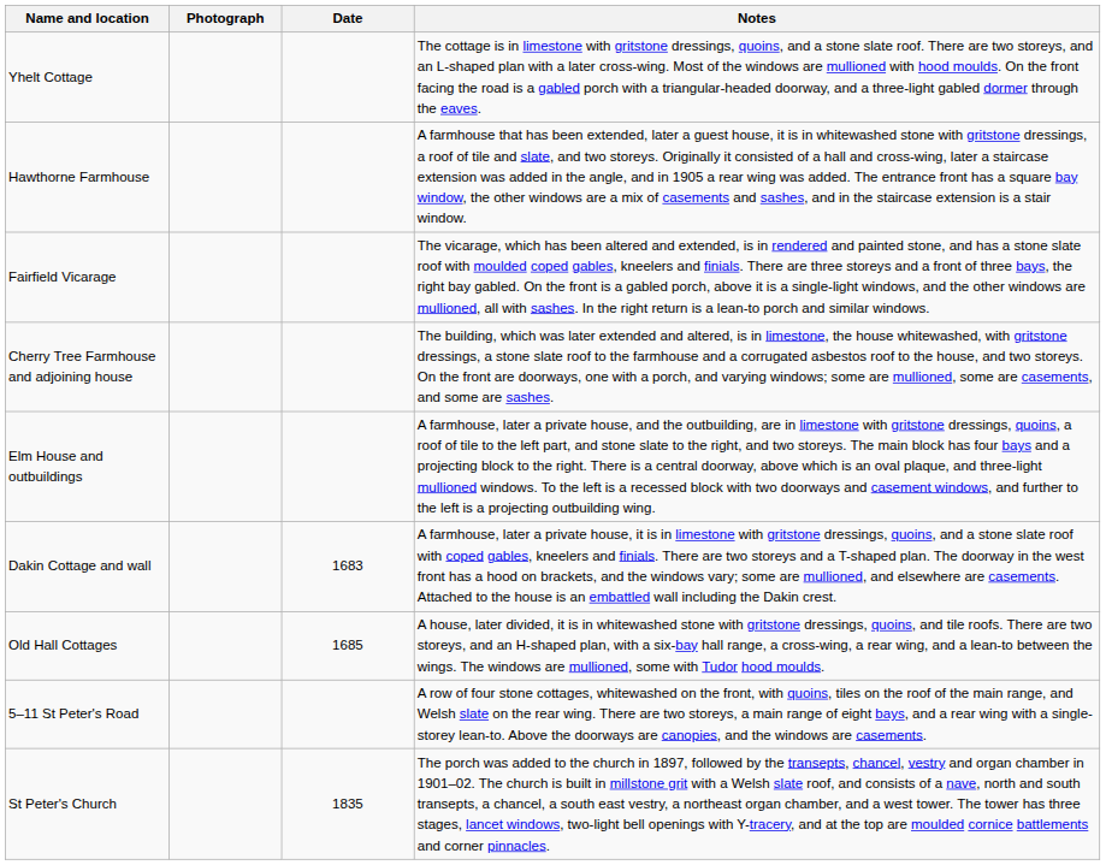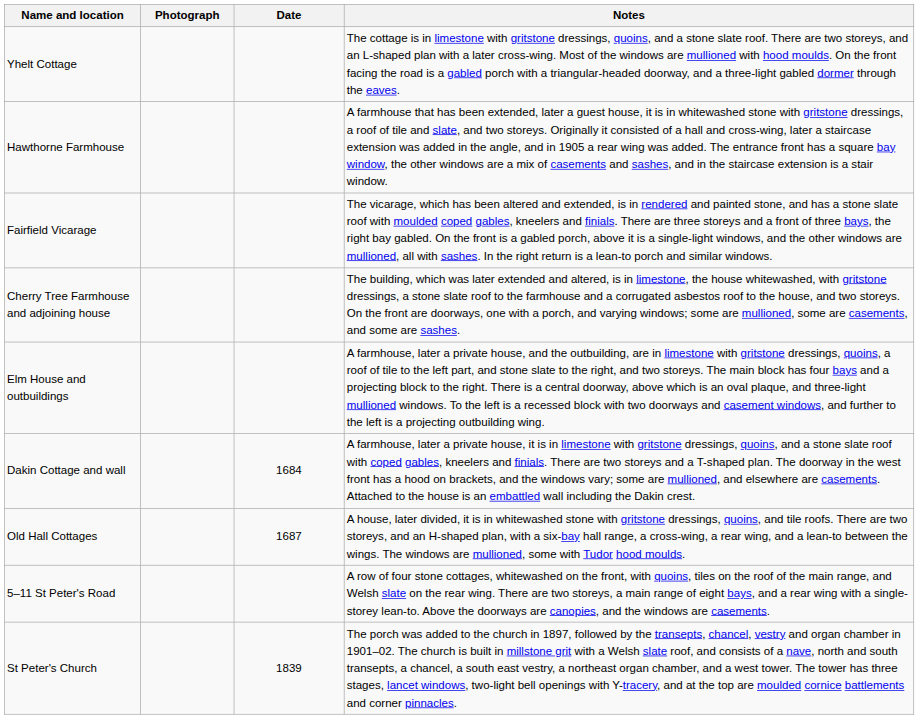 <table class="wikitable sortable plainrowheaders" style="width:100%;border:0px;text-align:left;line-height:150%;">
 <tr>
 <th scope="col"  style="width:150px">Name and location</th>
 <th scope="col"  style="width:100px" class="unsortable">Photograph</th>
 <th scope="col"  style="width:120px">Date</th>
 <th scope="col"  style="width:650px" class="unsortable">Notes</th>
 </tr>
 <tr>
 <td>Yhelt Cottage<br><small></small></td>
 <td></td>
 <td align="center"></td>
 <td>The cottage is in <a href='#'>limestone</a> with <a href='#'>gritstone</a> dressings, <a href='#'>quoins</a>, and a stone slate roof.  There are two storeys, and an L-shaped plan with a later cross-wing.  Most of the windows are <a href='#'>mullioned</a> with <a href='#'>hood moulds</a>.  On the front facing the road is a <a href='#'>gabled</a> porch with a triangular-headed doorway, and a three-light gabled <a href='#'>dormer</a> through the <a href='#'>eaves</a>.</td>
 </tr>
 <tr>
 <td>Hawthorne Farmhouse<br><small></small></td>
 <td></td>
 <td align="center"></td>
 <td>A farmhouse that has been extended, later a guest house, it is in whitewashed stone with <a href='#'>gritstone</a> dressings, a roof of tile and <a href='#'>slate</a>, and two storeys.  Originally it consisted of a hall and cross-wing, later a staircase extension was added in the angle, and in 1905 a rear wing was added.  The entrance front has a square <a href='#'>bay window</a>, the other windows are a mix of <a href='#'>casements</a> and <a href='#'>sashes</a>, and in the staircase extension is a stair window.</td>
 </tr>
 <tr>
 <td>Fairfield Vicarage<br><small></small></td>
 <td></td>
 <td align="center"></td>
 <td>The vicarage, which has been altered and extended, is in <a href='#'>rendered</a> and painted stone, and has a stone slate roof with <a href='#'>moulded</a> <a href='#'>coped</a> <a href='#'>gables</a>, kneelers and <a href='#'>finials</a>.  There are three storeys and a front of three <a href='#'>bays</a>, the right bay gabled.  On the front is a gabled porch, above it is a single-light windows, and the other windows are <a href='#'>mullioned</a>, all with <a href='#'>sashes</a>.  In the right return is a lean-to porch and similar windows.</td>
 </tr>
 <tr>
 <td>Cherry Tree Farmhouse and adjoining house<br><small></small></td>
 <td></td>
 <td align="center"></td>
 <td>The building, which was later extended and altered, is in <a href='#'>limestone</a>, the house whitewashed, with <a href='#'>gritstone</a> dressings, a stone slate roof to the farmhouse and a corrugated asbestos roof to the house, and two storeys.  On the front are doorways, one with a porch, and varying windows; some are <a href='#'>mullioned</a>, some are <a href='#'>casements</a>, and some are <a href='#'>sashes</a>.</td>
 </tr>
 <tr>
 <td>Elm House and outbuildings<br><small></small></td>
 <td></td>
 <td align="center"></td>
 <td>A farmhouse, later a private house, and the outbuilding, are in <a href='#'>limestone</a> with <a href='#'>gritstone</a> dressings, <a href='#'>quoins</a>, a roof of tile to the left part, and stone slate to the right, and two storeys.  The main block has four <a href='#'>bays</a> and a projecting block to the right.  There is a central doorway, above which is an oval plaque, and three-light <a href='#'>mullioned</a> windows.  To the left is a recessed block with two doorways and <a href='#'>casement windows</a>, and further to the left is a projecting outbuilding wing.</td>
 </tr>
 <tr>
 <td>Dakin Cottage and wall<br><small></small></td>
 <td></td>
-<td align="center">1683</td>
+<td align="center">1684</td>
 <td>A farmhouse, later a private house, it is in <a href='#'>limestone</a> with <a href='#'>gritstone</a> dressings, <a href='#'>quoins</a>, and a stone slate roof with <a href='#'>coped</a> <a href='#'>gables</a>, kneelers and <a href='#'>finials</a>.  There are two storeys and a T-shaped plan.  The doorway in the west front has a hood on brackets, and the windows vary; some are <a href='#'>mullioned</a>, and elsewhere are <a href='#'>casements</a>.  Attached to the house is an <a href='#'>embattled</a> wall including the Dakin crest.</td>
 </tr>
 <tr>
 <td>Old Hall Cottages<br><small></small></td>
 <td></td>
-<td align="center">1685</td>
+<td align="center">1687</td>
 <td>A house, later divided, it is in whitewashed stone with <a href='#'>gritstone</a> dressings, <a href='#'>quoins</a>, and tile roofs.  There are two storeys, and an H-shaped plan, with a six-<a href='#'>bay</a> hall range, a cross-wing, a rear wing, and a lean-to between the wings.  The windows are <a href='#'>mullioned</a>, some with <a href='#'>Tudor</a> <a href='#'>hood moulds</a>.</td>
 </tr>
 <tr>
 <td>5–11 St Peter's Road<br><small></small></td>
 <td></td>
 <td align="center"></td>
 <td>A row of four stone cottages, whitewashed on the front, with <a href='#'>quoins</a>, tiles on the roof of the main range, and Welsh <a href='#'>slate</a> on the rear wing.  There are two storeys, a main range of eight <a href='#'>bays</a>, and a rear wing with a single-storey lean-to.  Above the doorways are <a href='#'>canopies</a>, and the windows are <a href='#'>casements</a>.</td>
 </tr>
 <tr>
 <td>St Peter's Church<br><small></small></td>
 <td></td>
-<td align="center">1835</td>
+<td align="center">1839</td>
 <td>The porch was added to the church in 1897, followed by the <a href='#'>transepts</a>, <a href='#'>chancel</a>, <a href='#'>vestry</a> and organ chamber in 1901–02.  The church is built in <a href='#'>millstone grit</a> with a Welsh <a href='#'>slate</a> roof, and consists of a <a href='#'>nave</a>, north and south transepts, a chancel, a south east vestry, a northeast organ chamber, and a west tower.  The tower has three stages, <a href='#'>lancet windows</a>, two-light bell openings with Y-<a href='#'>tracery</a>, and at the top are <a href='#'>moulded</a> <a href='#'>cornice</a> <a href='#'>battlements</a> and corner <a href='#'>pinnacles</a>.</td>
 </tr>
 <tr>
 </tr>
 </table>
